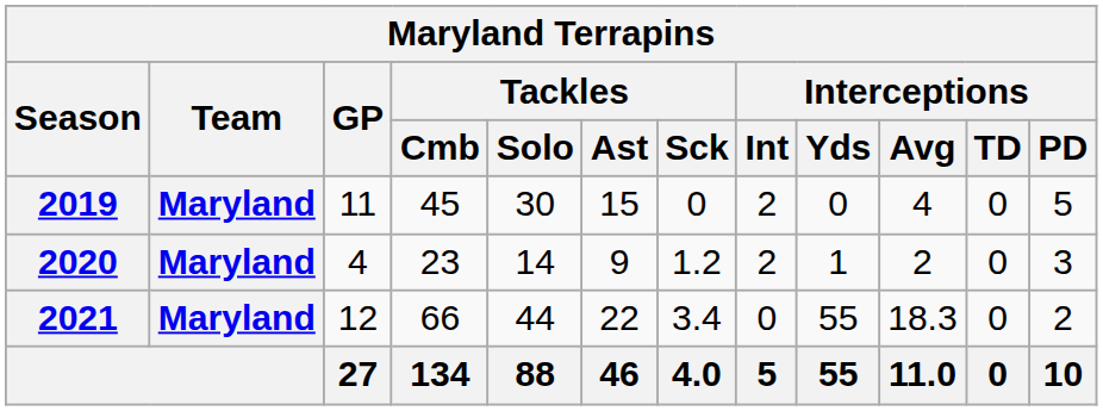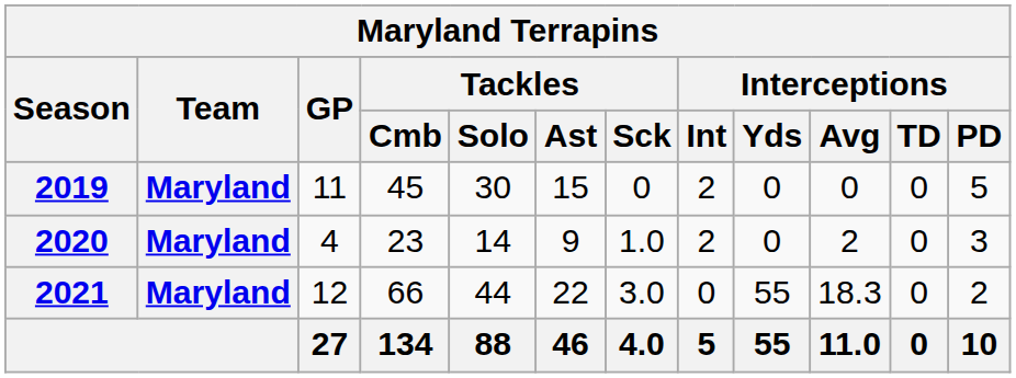 <table class="wikitable" style="text-align:center;">
 <tr>
 <th colspan="12">Maryland Terrapins</th>
 </tr>
 <tr>
 <th rowspan="2">Season</th>
 <th rowspan="2">Team</th>
 <th rowspan="2">GP</th>
 <th colspan="4">Tackles</th>
 <th colspan="5">Interceptions</th>
 </tr>
 <tr>
 <th>Cmb</th>
 <th>Solo</th>
 <th>Ast</th>
 <th>Sck</th>
 <th>Int</th>
 <th>Yds</th>
 <th>Avg</th>
 <th>TD</th>
 <th>PD</th>
 </tr>
 <tr>
 <th><a href='#'>2019</a></th>
 <th><a href='#'>Maryland</a></th>
 <td>11</td>
 <td>45</td>
 <td>30</td>
 <td>15</td>
 <td>0</td>
 <td>2</td>
 <td>0</td>
-<td>4</td>
+<td>0</td>
 <td>0</td>
 <td>5</td>
 </tr>
 <tr>
 <th><a href='#'>2020</a></th>
 <th><a href='#'>Maryland</a></th>
 <td>4</td>
 <td>23</td>
 <td>14</td>
 <td>9</td>
-<td>1.2</td>
+<td>1.0</td>
 <td>2</td>
-<td>1</td>
+<td>0</td>
 <td>2</td>
 <td>0</td>
 <td>3</td>
 </tr>
 <tr>
 <th><a href='#'>2021</a></th>
 <th><a href='#'>Maryland</a></th>
 <td>12</td>
 <td>66</td>
 <td>44</td>
 <td>22</td>
-<td>3.4</td>
+<td>3.0</td>
 <td>0</td>
 <td>55</td>
 <td>18.3</td>
 <td>0</td>
 <td>2</td>
 </tr>
 <tr>
 <th colspan="2"></th>
 <th>27</th>
 <th>134</th>
 <th>88</th>
 <th>46</th>
 <th>4.0</th>
 <th>5</th>
 <th>55</th>
 <th>11.0</th>
 <th>0</th>
 <th>10</th>
 </tr>
 </table>
